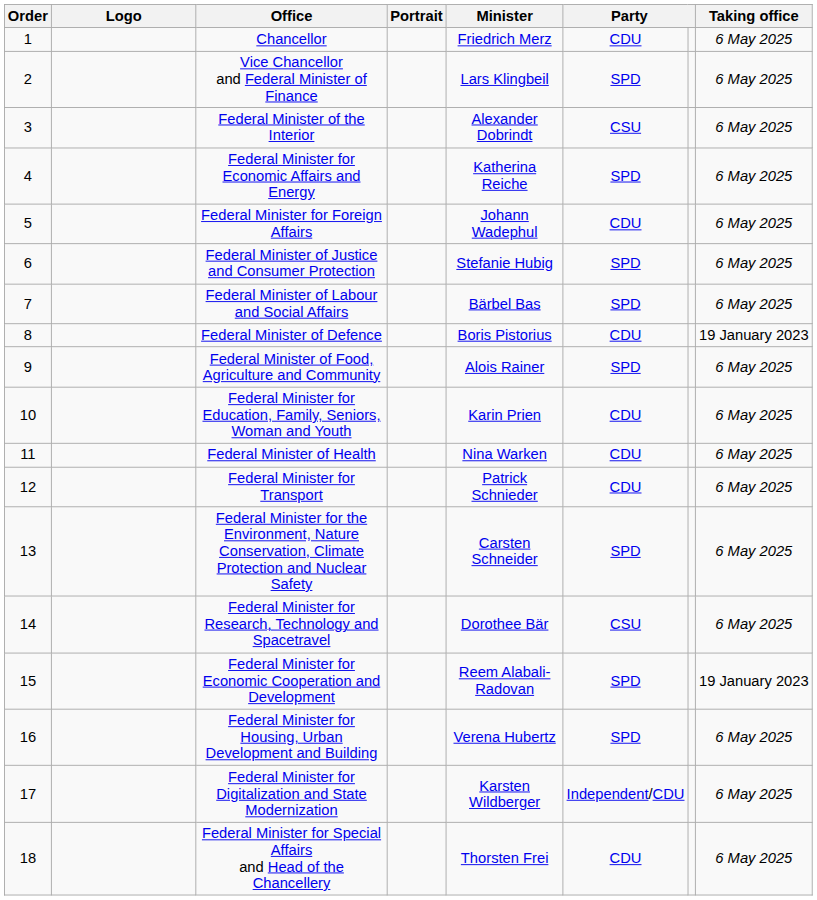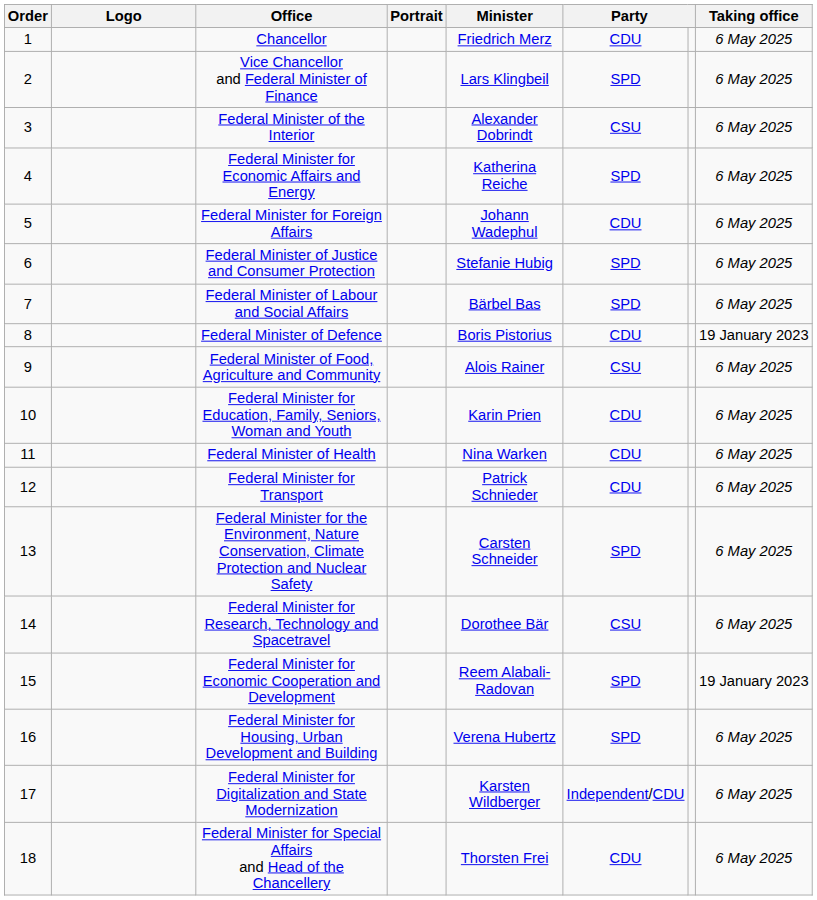 <table class="sortable wikitable" style="text-align:center">
 <tr align=center>
 <th scope=col width=40 data-sort-type="numeric">Order</th>
 <th scople=col width=150 class="unsortable">Logo</th>
 <th scope=col width=200>Office</th>
 <th scope=col class="unsortable">Portrait</th>
 <th scope=col width=120>Minister</th>
 <th colspan="2" scope="col">Party</th>
 <th scope=col class="unsortable">Taking office</th>
 </tr>
 <tr>
 <td>1</td>
 <td></td>
 <td><a href='#'>Chancellor</a></td>
 <td></td>
 <td><a href='#'>Friedrich Merz</a></td>
 <td><a href='#'>CDU</a></td>
 <td style="width:1px; background-color: "></td>
 <td><em>6 May 2025</em></td>
 </tr>
 <tr>
 <td>2</td>
 <td></td>
 <td><a href='#'>Vice Chancellor</a> <br> and <a href='#'>Federal Minister of Finance</a></td>
 <td></td>
 <td><a href='#'>Lars Klingbeil</a></td>
 <td><a href='#'>SPD</a></td>
 <td style="width:1px; background-color: "></td>
 <td><em>6 May 2025</em></td>
 </tr>
 <tr>
 <td>3</td>
 <td></td>
 <td><a href='#'>Federal Minister of the Interior</a></td>
 <td></td>
 <td><a href='#'>Alexander Dobrindt</a></td>
 <td><a href='#'>CSU</a></td>
 <td style="width:1px; background-color: "></td>
 <td><em>6 May 2025</em></td>
 </tr>
 <tr>
 <td>4</td>
 <td></td>
 <td><a href='#'>Federal Minister for Economic Affairs and Energy</a></td>
 <td></td>
 <td><a href='#'>Katherina Reiche</a></td>
 <td><a href='#'>SPD</a></td>
 <td style="width:1px; background-color: "></td>
 <td><em>6 May 2025</em></td>
 </tr>
 <tr>
 <td>5</td>
 <td></td>
 <td><a href='#'>Federal Minister for Foreign Affairs</a></td>
 <td></td>
 <td><a href='#'>Johann Wadephul</a></td>
 <td><a href='#'>CDU</a></td>
 <td style="width:1px; background-color: "></td>
 <td><em>6 May 2025</em></td>
 </tr>
 <tr>
 <td>6</td>
 <td></td>
 <td><a href='#'>Federal Minister of Justice and Consumer Protection</a></td>
 <td></td>
 <td><a href='#'>Stefanie Hubig</a></td>
 <td><a href='#'>SPD</a></td>
 <td style="width:1px; background-color: "></td>
 <td><em>6 May 2025</em></td>
 </tr>
 <tr>
 <td>7</td>
 <td></td>
 <td><a href='#'>Federal Minister of Labour and Social Affairs</a></td>
 <td></td>
 <td><a href='#'>Bärbel Bas</a></td>
 <td><a href='#'>SPD</a></td>
 <td style="width:1px; background-color: "></td>
 <td><em>6 May 2025</em></td>
 </tr>
 <tr>
 <td>8</td>
 <td></td>
 <td><a href='#'>Federal Minister of Defence</a></td>
 <td></td>
 <td><a href='#'>Boris Pistorius</a></td>
 <td><a href='#'>CDU</a></td>
 <td style="width:1px; background-color: "></td>
 <td>19 January 2023</td>
 </tr>
 <tr>
 <td>9</td>
 <td></td>
 <td><a href='#'>Federal Minister of Food, Agriculture and Community</a></td>
 <td></td>
 <td><a href='#'>Alois Rainer</a></td>
-<td><a href='#'>SPD</a></td>
+<td><a href='#'>CSU</a></td>
 <td style="width:1px; background-color: "></td>
 <td><em>6 May 2025</em></td>
 </tr>
 <tr>
 <td>10</td>
 <td></td>
 <td><a href='#'>Federal Minister for Education, Family, Seniors, Woman and Youth</a></td>
 <td></td>
 <td><a href='#'>Karin Prien</a></td>
 <td><a href='#'>CDU</a></td>
 <td style="width:1px; background-color: "></td>
 <td><em>6 May 2025</em></td>
 </tr>
 <tr>
 <td>11</td>
 <td></td>
 <td><a href='#'>Federal Minister of Health</a></td>
 <td></td>
 <td><a href='#'>Nina Warken</a></td>
 <td><a href='#'>CDU</a></td>
 <td style="width:1px; background-color: "></td>
 <td><em>6 May 2025</em></td>
 </tr>
 <tr>
 <td>12</td>
 <td></td>
 <td><a href='#'>Federal Minister for Transport</a></td>
 <td></td>
 <td><a href='#'>Patrick Schnieder</a></td>
 <td><a href='#'>CDU</a></td>
 <td style="width:1px; background-color: "></td>
 <td><em>6 May 2025</em></td>
 </tr>
 <tr>
 <td>13</td>
 <td></td>
 <td><a href='#'>Federal Minister for the Environment, Nature Conservation, Climate Protection and Nuclear Safety</a></td>
 <td></td>
 <td><a href='#'>Carsten Schneider</a></td>
 <td><a href='#'>SPD</a></td>
 <td style="width:1px; background-color: "></td>
 <td><em>6 May 2025</em></td>
 </tr>
 <tr>
 <td>14</td>
 <td></td>
 <td><a href='#'>Federal Minister for Research, Technology and Spacetravel</a></td>
 <td></td>
 <td><a href='#'>Dorothee Bär</a></td>
 <td><a href='#'>CSU</a></td>
 <td style="width:1px; background-color: "></td>
 <td><em>6 May 2025</em></td>
 </tr>
 <tr>
 <td>15</td>
 <td></td>
 <td><a href='#'>Federal Minister for Economic Cooperation and Development</a></td>
 <td></td>
 <td><a href='#'>Reem Alabali-Radovan</a></td>
 <td><a href='#'>SPD</a></td>
 <td style="width:1px; background-color: "></td>
 <td>19 January 2023</td>
 </tr>
 <tr>
 <td>16</td>
 <td></td>
 <td><a href='#'>Federal Minister for Housing, Urban Development and Building</a></td>
 <td></td>
 <td><a href='#'>Verena Hubertz</a></td>
 <td><a href='#'>SPD</a></td>
 <td style="width:1px; background-color: "></td>
 <td><em>6 May 2025</em></td>
 </tr>
 <tr>
 <td>17</td>
 <td></td>
 <td><a href='#'>Federal Minister for Digitalization and State Modernization</a></td>
 <td></td>
 <td><a href='#'>Karsten Wildberger</a></td>
 <td><a href='#'>Independent</a>/<a href='#'>CDU</a></td>
 <td style="width:1px; background-color: "></td>
 <td><em>6 May 2025</em></td>
 </tr>
 <tr>
 <td>18</td>
 <td></td>
 <td><a href='#'>Federal Minister for Special Affairs</a><br>and <a href='#'>Head of the Chancellery</a></td>
 <td></td>
 <td><a href='#'>Thorsten Frei</a></td>
 <td><a href='#'>CDU</a></td>
 <td style="width:1px; background-color: "></td>
 <td><em>6 May 2025</em></td>
 </tr>
 </table>
